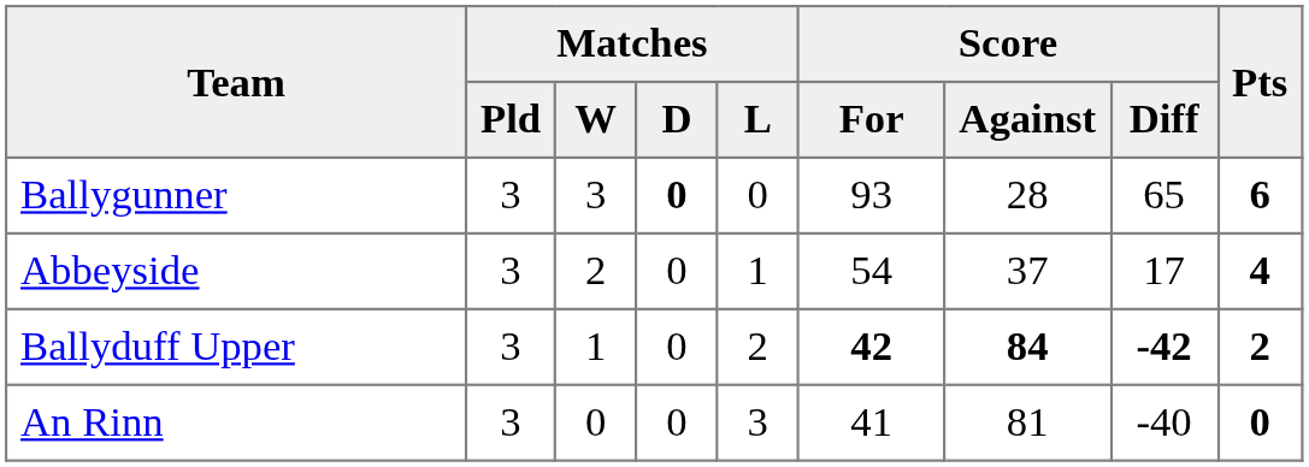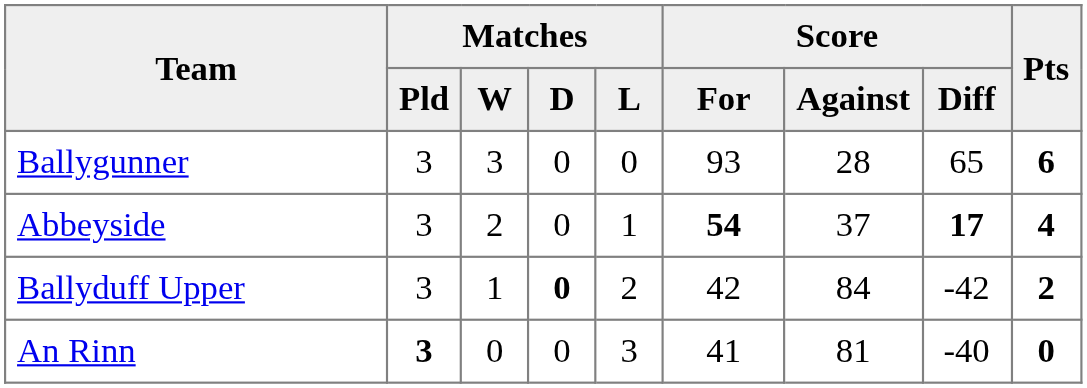 <table style=border-collapse:collapse border=1 cellspacing=0 cellpadding=5>
 <tr align=center bgcolor=#efefef>
 <th rowspan=2 width=165>Team</th>
 <th colspan=4>Matches</th>
 <th colspan=3>Score</th>
 <th rowspan=2width=20>Pts</th>
 </tr>
 <tr align=center bgcolor=#efefef>
 <th width=20>Pld</th>
 <th width=20>W</th>
 <th width=20>D</th>
 <th width=20>L</th>
 <th width=45>For</th>
 <th width=45>Against</th>
 <th width=30>Diff</th>
 </tr>
 <tr align=center>
 <td style="text-align:left;"><a href='#'>Ballygunner</a></td>
 <td>3</td>
 <td>3</td>
-<td><strong>0</strong></td>
+<td>0</td>
 <td>0</td>
 <td>93</td>
 <td>28</td>
 <td>65</td>
 <td><strong>6</strong></td>
 </tr>
 <tr align=center>
 <td style="text-align:left;"><a href='#'>Abbeyside</a></td>
 <td>3</td>
 <td>2</td>
 <td>0</td>
 <td>1</td>
-<td>54</td>
+<td><strong>54</strong></td>
 <td>37</td>
-<td>17</td>
+<td><strong>17</strong></td>
 <td><strong>4</strong></td>
 </tr>
 <tr align=center>
 <td style="text-align:left;"><a href='#'>Ballyduff Upper</a></td>
 <td>3</td>
 <td>1</td>
-<td>0</td>
+<td><strong>0</strong></td>
 <td>2</td>
-<td><strong>42</strong></td>
-<td><strong>84</strong></td>
-<td><strong>-42</strong></td>
+<td>42</td>
+<td>84</td>
+<td>-42</td>
 <td><strong>2</strong></td>
 </tr>
 <tr align=center>
 <td style="text-align:left;"><a href='#'>An Rinn</a></td>
-<td>3</td>
+<td><strong>3</strong></td>
 <td>0</td>
 <td>0</td>
 <td>3</td>
 <td>41</td>
 <td>81</td>
 <td>-40</td>
 <td><strong>0</strong></td>
 </tr>
 </table>
